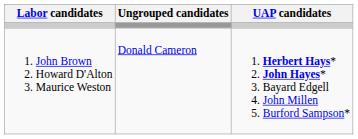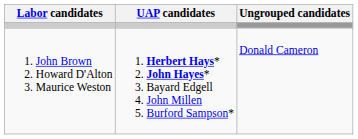 <table class="wikitable">
 <tr>
 <th><a href='#'>Labor</a> candidates</th>
+<th><a href='#'>UAP</a> candidates</th>
 <th>Ungrouped candidates</th>
-<th><a href='#'>UAP</a> candidates</th>
 </tr>
 <tr bgcolor="#cccccc">
 <td></td>
+<td></td>
 <td bgcolor="#999999"></td>
-<td></td>
 </tr>
 <tr>
 <td valign=top><br><ol><li><a href='#'>John Brown</a></li><li>Howard D'Alton</li><li>Maurice Weston</li></ol></td>
+<td><br><ol><li><strong><a href='#'>Herbert Hays</a></strong>*</li><li><strong><a href='#'>John Hayes</a></strong>*</li><li>Bayard Edgell</li><li><a href='#'>John Millen</a></li><li><a href='#'>Burford Sampson</a>*</li></ol></td>
 <td valign=top><br><a href='#'>Donald Cameron</a></td>
-<td><br><ol><li><strong><a href='#'>Herbert Hays</a></strong>*</li><li><strong><a href='#'>John Hayes</a></strong>*</li><li>Bayard Edgell</li><li><a href='#'>John Millen</a></li><li><a href='#'>Burford Sampson</a>*</li></ol></td>
 </tr>
 </table>
